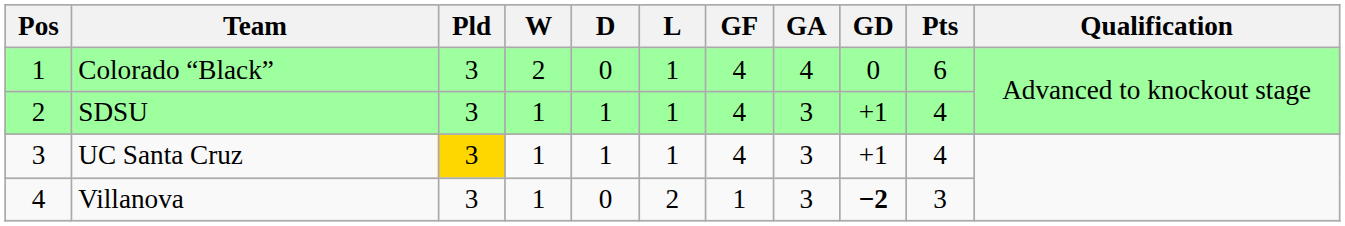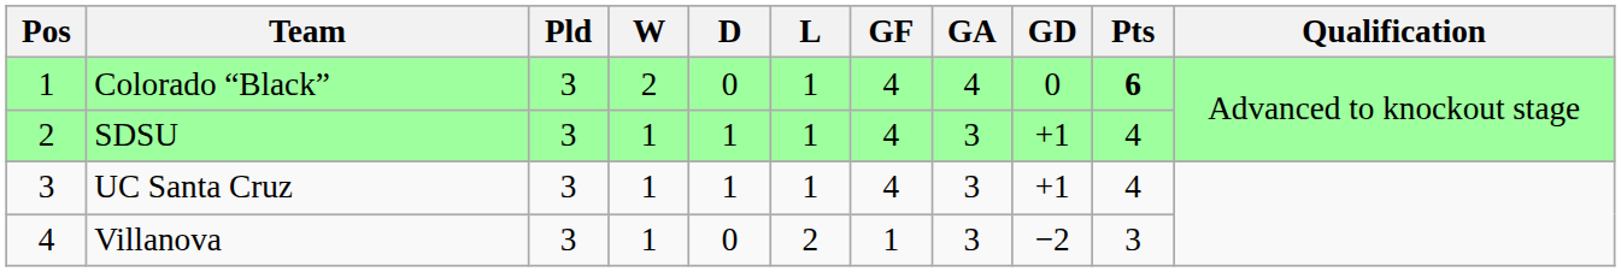 <table class="wikitable" style="text-align:center; margin: 1em auto">
 <tr>
 <th style=width:2em>Pos</th>
 <th style=width:13em>Team</th>
 <th style=width:2em>Pld</th>
 <th style=width:2em>W</th>
 <th style=width:2em>D</th>
 <th style=width:2em>L</th>
 <th style=width:2em>GF</th>
 <th style=width:2em>GA</th>
 <th style=width:2em>GD</th>
 <th style=width:2em>Pts</th>
 <th style=width:13em>Qualification</th>
 </tr>
 <tr bgcolor="#9eff9e">
 <td>1</td>
 <td style="text-align:left">Colorado “Black”</td>
 <td>3</td>
 <td>2</td>
 <td>0</td>
 <td>1</td>
 <td>4</td>
 <td>4</td>
 <td>0</td>
-<td>6</td>
+<td><strong>6</strong></td>
 <td rowspan="2">Advanced to knockout stage</td>
 </tr>
 <tr bgcolor="#9eff9e">
 <td>2</td>
 <td style="text-align:left">SDSU</td>
 <td>3</td>
 <td>1</td>
 <td>1</td>
 <td>1</td>
 <td>4</td>
 <td>3</td>
 <td>+1</td>
 <td>4</td>
 </tr>
 <tr>
 <td>3</td>
 <td style="text-align:left">UC Santa Cruz</td>
-<td style="background: gold;">3</td>
+<td>3</td>
 <td>1</td>
 <td>1</td>
 <td>1</td>
 <td>4</td>
 <td>3</td>
 <td>+1</td>
 <td>4</td>
 </tr>
 <tr>
 <td>4</td>
 <td style="text-align:left">Villanova</td>
 <td>3</td>
 <td>1</td>
 <td>0</td>
 <td>2</td>
 <td>1</td>
 <td>3</td>
-<td><strong>−2</strong></td>
+<td>−2</td>
 <td>3</td>
 </tr>
 </table>
